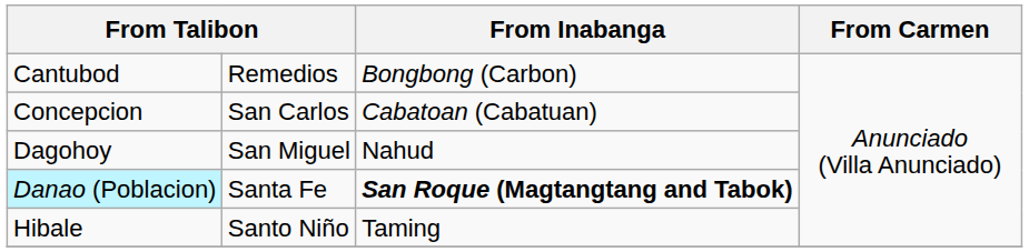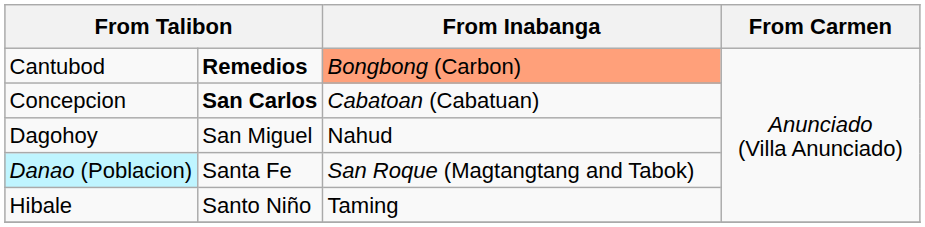 <table class="wikitable collapsible collapsed" style="margin:1em auto;font-size:95%;min-width:23em;">
 <tr>
 <th style="width: 10em;text-align:center;padding: 0.4em 1em;" colspan=2>From Talibon</th>
 <th style="width: 16em;text-align:center;padding: 0.4em 1em;">From Inabanga</th>
 <th style="width: 7em;text-align:center;padding: 0.4em 1em;">From Carmen</th>
 </tr>
 <tr>
 <td>Cantubod</td>
-<td>Remedios</td>
-<td><em>Bongbong</em> (Carbon)</td>
+<td><strong>Remedios</strong></td>
+<td style="background: lightsalmon;"><em>Bongbong</em> (Carbon)</td>
 <td style="text-align:center" rowspan=5><em>Anunciado</em><br>(Villa Anunciado)</td>
 </tr>
 <tr>
 <td>Concepcion</td>
-<td>San Carlos</td>
+<td><strong>San Carlos</strong></td>
 <td><em>Cabatoan</em> (Cabatuan)</td>
 </tr>
 <tr>
 <td>Dagohoy</td>
 <td>San Miguel</td>
 <td>Nahud</td>
 </tr>
 <tr>
 <td style="background-color:#BFF5FF"><em>Danao</em> (Poblacion)</td>
 <td>Santa Fe</td>
-<td><strong><em>San Roque</em> (Magtangtang and Tabok)</strong></td>
+<td><em>San Roque</em> (Magtangtang and Tabok)</td>
 </tr>
 <tr>
 <td>Hibale</td>
 <td>Santo Niño</td>
 <td>Taming</td>
 </tr>
 <tr>
 </tr>
 </table>
